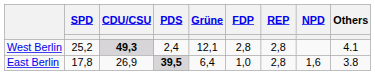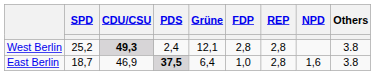 <table class="wikitable sortable" style="text-align: center; font-size: 90%; line-height: 14px;">
 <tr style="height: 40px;">
 <th rowspan="2"></th>
 <th style="width: 40px;"><a href='#'>SPD</a></th>
 <th style="width: 40px;"><a href='#'>CDU/CSU</a></th>
 <th style="width: 40px;"><a href='#'>PDS</a></th>
 <th style="width: 40px;"><a href='#'>Grüne</a></th>
 <th style="width: 40px;"><a href='#'>FDP</a></th>
 <th style="width: 40px;"><a href='#'>REP</a></th>
 <th style="width: 40px;"><a href='#'>NPD</a></th>
 <th style="width: 40px;">Others</th>
 </tr>
 <tr>
 <th style="background:"></th>
 <th style="background:"></th>
 <th style="background:"></th>
 <th style="background:"></th>
 <th style="background:"></th>
 <th style="background:"></th>
 <th style="background:"></th>
 <th style="background:"></th>
 </tr>
 <tr>
 <td style="text-align: left;"><a href='#'>West Berlin</a></td>
 <td>25,2</td>
 <td style="background: #D7D5D7;"><strong>49,3</strong></td>
 <td>2,4</td>
 <td>12,1</td>
 <td>2,8</td>
 <td>2,8</td>
 <td></td>
-<td>4.1</td>
+<td>3.8</td>
 </tr>
 <tr>
 <td style="text-align: left;"><a href='#'>East Berlin</a></td>
-<td>17,8</td>
-<td>26,9</td>
-<td style="background: #D7D5D7;"><strong>39,5</strong></td>
+<td>18,7</td>
+<td>46,9</td>
+<td style="background: #D7D5D7;"><strong>37,5</strong></td>
 <td>6,4</td>
 <td>1,0</td>
 <td>2,8</td>
 <td>1,6</td>
 <td>3.8</td>
 </tr>
 </table>
